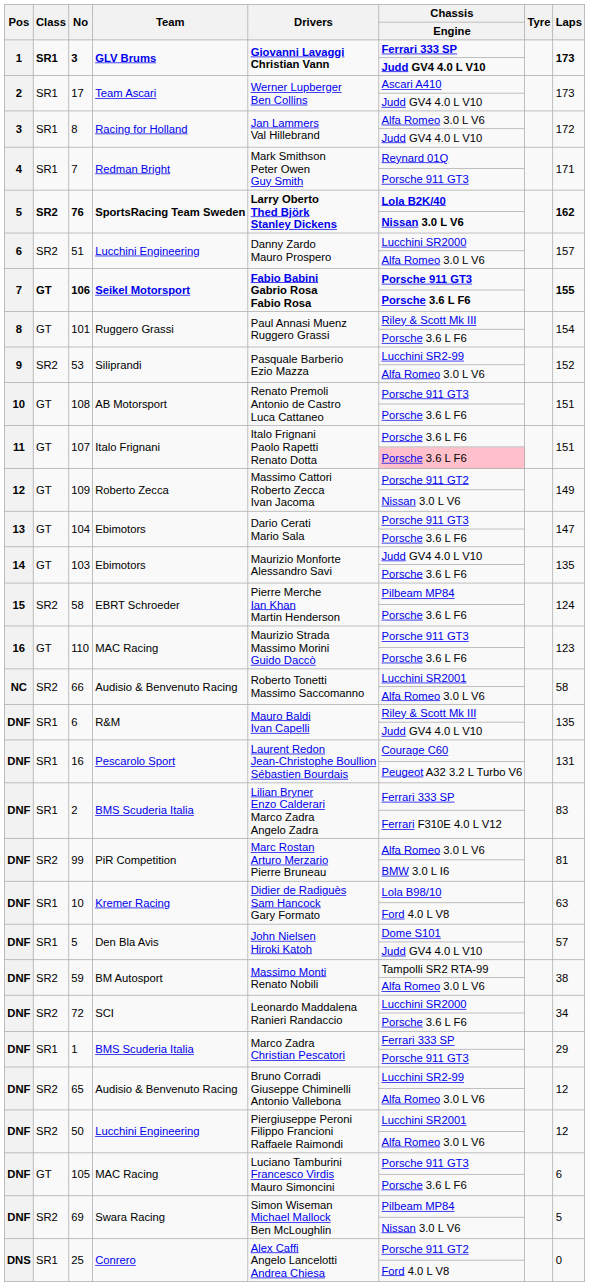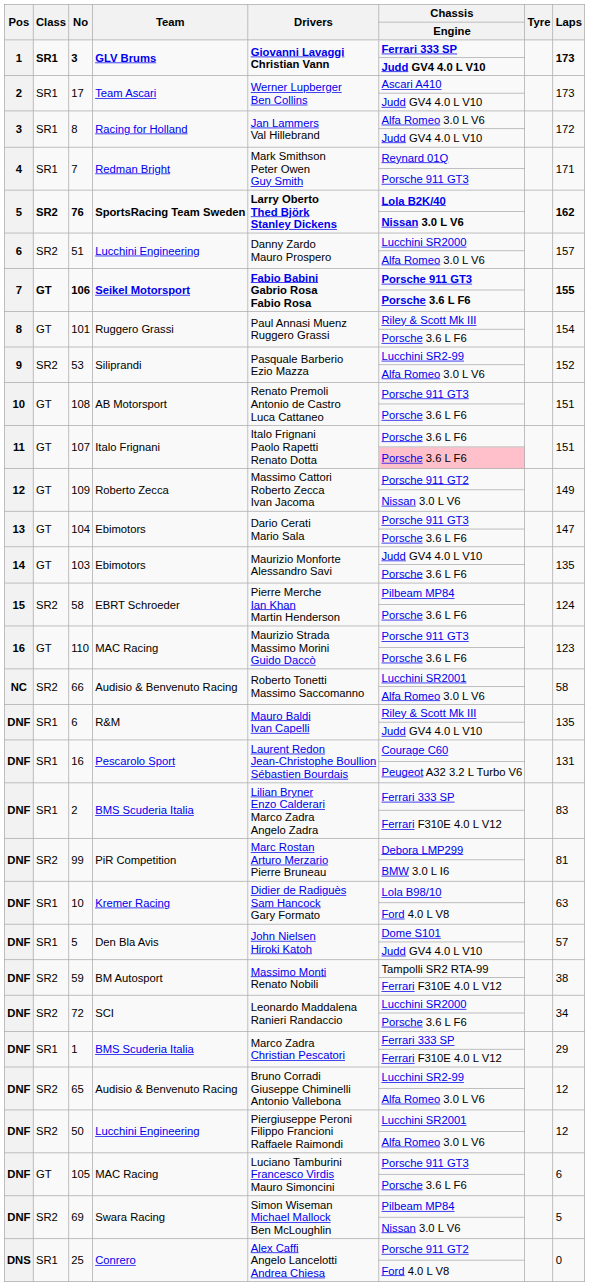 <table class="wikitable" style="font-size: 95%;">
 <tr>
 <th rowspan=2>Pos</th>
 <th rowspan=2>Class</th>
 <th rowspan=2>No</th>
 <th rowspan=2>Team</th>
 <th rowspan=2>Drivers</th>
 <th>Chassis</th>
 <th rowspan=2>Tyre</th>
 <th rowspan=2>Laps</th>
 </tr>
 <tr>
 <th>Engine</th>
 </tr>
 <tr style="font-weight:bold">
 <th rowspan=2>1</th>
 <td rowspan=2>SR1</td>
 <td rowspan=2>3</td>
 <td rowspan=2> <a href='#'>GLV Brums</a></td>
 <td rowspan=2> <a href='#'>Giovanni Lavaggi</a><br> Christian Vann</td>
 <td><a href='#'>Ferrari 333 SP</a></td>
 <td rowspan=2></td>
 <td rowspan=2>173</td>
 </tr>
 <tr style="font-weight:bold">
 <td><a href='#'>Judd</a> GV4 4.0 L V10</td>
 </tr>
 <tr>
 <th rowspan=2>2</th>
 <td rowspan=2>SR1</td>
 <td rowspan=2>17</td>
 <td rowspan=2> <a href='#'>Team Ascari</a></td>
 <td rowspan=2> <a href='#'>Werner Lupberger</a><br> <a href='#'>Ben Collins</a></td>
 <td><a href='#'>Ascari A410</a></td>
 <td rowspan=2></td>
 <td rowspan=2>173</td>
 </tr>
 <tr>
 <td><a href='#'>Judd</a> GV4 4.0 L V10</td>
 </tr>
 <tr>
 <th rowspan=2>3</th>
 <td rowspan=2>SR1</td>
 <td rowspan=2>8</td>
 <td rowspan=2> <a href='#'>Racing for Holland</a></td>
 <td rowspan=2> <a href='#'>Jan Lammers</a><br> Val Hillebrand</td>
 <td><a href='#'>Alfa Romeo</a> 3.0 L V6</td>
 <td rowspan=2></td>
 <td rowspan=2>172</td>
 </tr>
 <tr>
 <td><a href='#'>Judd</a> GV4 4.0 L V10</td>
 </tr>
 <tr>
 <th rowspan=2>4</th>
 <td rowspan=2>SR1</td>
 <td rowspan=2>7</td>
 <td rowspan=2> <a href='#'>Redman Bright</a></td>
 <td rowspan=2> Mark Smithson<br> Peter Owen<br> <a href='#'>Guy Smith</a></td>
 <td><a href='#'>Reynard 01Q</a></td>
 <td rowspan=2></td>
 <td rowspan=2>171</td>
 </tr>
 <tr>
 <td><a href='#'>Porsche 911 GT3</a></td>
 </tr>
 <tr style="font-weight:bold">
 <th rowspan=2>5</th>
 <td rowspan=2>SR2</td>
 <td rowspan=2>76</td>
 <td rowspan=2> SportsRacing Team Sweden</td>
 <td rowspan=2> Larry Oberto<br> <a href='#'>Thed Björk</a><br> <a href='#'>Stanley Dickens</a></td>
 <td><a href='#'>Lola B2K/40</a></td>
 <td rowspan=2></td>
 <td rowspan=2>162</td>
 </tr>
 <tr style="font-weight:bold">
 <td><a href='#'>Nissan</a> 3.0 L V6</td>
 </tr>
 <tr>
 <th rowspan=2>6</th>
 <td rowspan=2>SR2</td>
 <td rowspan=2>51</td>
 <td rowspan=2> <a href='#'>Lucchini Engineering</a></td>
 <td rowspan=2> Danny Zardo<br> Mauro Prospero</td>
 <td><a href='#'>Lucchini SR2000</a></td>
 <td rowspan=2></td>
 <td rowspan=2>157</td>
 </tr>
 <tr>
 <td><a href='#'>Alfa Romeo</a> 3.0 L V6</td>
 </tr>
 <tr style="font-weight:bold">
 <th rowspan=2>7</th>
 <td rowspan=2>GT</td>
 <td rowspan=2>106</td>
 <td rowspan=2> <a href='#'>Seikel Motorsport</a></td>
 <td rowspan=2> <a href='#'>Fabio Babini</a><br> Gabrio Rosa<br> Fabio Rosa</td>
 <td><a href='#'>Porsche 911 GT3</a></td>
 <td rowspan=2></td>
 <td rowspan=2>155</td>
 </tr>
 <tr style="font-weight:bold">
 <td><a href='#'>Porsche</a> 3.6 L F6</td>
 </tr>
 <tr>
 <th rowspan=2>8</th>
 <td rowspan=2>GT</td>
 <td rowspan=2>101</td>
 <td rowspan=2> Ruggero Grassi</td>
 <td rowspan=2> Paul Annasi Muenz<br> Ruggero Grassi</td>
 <td><a href='#'>Riley & Scott Mk III</a></td>
 <td rowspan=2></td>
 <td rowspan=2>154</td>
 </tr>
 <tr>
 <td><a href='#'>Porsche</a> 3.6 L F6</td>
 </tr>
 <tr>
 <th rowspan=2>9</th>
 <td rowspan=2>SR2</td>
 <td rowspan=2>53</td>
 <td rowspan=2> Siliprandi</td>
 <td rowspan=2> Pasquale Barberio<br> Ezio Mazza</td>
 <td><a href='#'>Lucchini SR2-99</a></td>
 <td rowspan=2></td>
 <td rowspan=2>152</td>
 </tr>
 <tr>
 <td><a href='#'>Alfa Romeo</a> 3.0 L V6</td>
 </tr>
 <tr>
 <th rowspan=2>10</th>
 <td rowspan=2>GT</td>
 <td rowspan=2>108</td>
 <td rowspan=2> AB Motorsport</td>
 <td rowspan=2> Renato Premoli<br> Antonio de Castro<br> Luca Cattaneo</td>
 <td><a href='#'>Porsche 911 GT3</a></td>
 <td rowspan=2></td>
 <td rowspan=2>151</td>
 </tr>
 <tr>
 <td><a href='#'>Porsche</a> 3.6 L F6</td>
 </tr>
 <tr>
 <th rowspan=2>11</th>
 <td rowspan=2>GT</td>
 <td rowspan=2>107</td>
 <td rowspan=2> Italo Frignani</td>
 <td rowspan=2> Italo Frignani<br> Paolo Rapetti<br> Renato Dotta</td>
 <td><a href='#'>Porsche</a> 3.6 L F6</td>
 <td rowspan=2></td>
 <td rowspan=2>151</td>
 </tr>
 <tr>
 <td style="background: pink;"><a href='#'>Porsche</a> 3.6 L F6</td>
 </tr>
 <tr>
 <th rowspan=2>12</th>
 <td rowspan=2>GT</td>
 <td rowspan=2>109</td>
 <td rowspan=2> Roberto Zecca</td>
 <td rowspan=2> Massimo Cattori<br> Roberto Zecca<br> Ivan Jacoma</td>
 <td><a href='#'>Porsche 911 GT2</a></td>
 <td rowspan=2></td>
 <td rowspan=2>149</td>
 </tr>
 <tr>
 <td><a href='#'>Nissan</a> 3.0 L V6</td>
 </tr>
 <tr>
 <th rowspan=2>13</th>
 <td rowspan=2>GT</td>
 <td rowspan=2>104</td>
 <td rowspan=2> Ebimotors</td>
 <td rowspan=2> Dario Cerati<br> Mario Sala</td>
 <td><a href='#'>Porsche 911 GT3</a></td>
 <td rowspan=2></td>
 <td rowspan=2>147</td>
 </tr>
 <tr>
 <td><a href='#'>Porsche</a> 3.6 L F6</td>
 </tr>
 <tr>
 <th rowspan=2>14</th>
 <td rowspan=2>GT</td>
 <td rowspan=2>103</td>
 <td rowspan=2> Ebimotors</td>
 <td rowspan=2> Maurizio Monforte<br> Alessandro Savi</td>
 <td><a href='#'>Judd</a> GV4 4.0 L V10</td>
 <td rowspan=2></td>
 <td rowspan=2>135</td>
 </tr>
 <tr>
 <td><a href='#'>Porsche</a> 3.6 L F6</td>
 </tr>
 <tr>
 <th rowspan=2>15</th>
 <td rowspan=2>SR2</td>
 <td rowspan=2>58</td>
 <td rowspan=2> EBRT Schroeder</td>
 <td rowspan=2> Pierre Merche<br> <a href='#'>Ian Khan</a><br> Martin Henderson</td>
 <td><a href='#'>Pilbeam MP84</a></td>
 <td rowspan=2></td>
 <td rowspan=2>124</td>
 </tr>
 <tr>
 <td><a href='#'>Porsche</a> 3.6 L F6</td>
 </tr>
 <tr>
 <th rowspan=2>16</th>
 <td rowspan=2>GT</td>
 <td rowspan=2>110</td>
 <td rowspan=2> MAC Racing</td>
 <td rowspan=2> Maurizio Strada<br> Massimo Morini<br> <a href='#'>Guido Daccò</a></td>
 <td><a href='#'>Porsche 911 GT3</a></td>
 <td rowspan=2></td>
 <td rowspan=2>123</td>
 </tr>
 <tr>
 <td><a href='#'>Porsche</a> 3.6 L F6</td>
 </tr>
 <tr>
 <th rowspan=2>NC</th>
 <td rowspan=2>SR2</td>
 <td rowspan=2>66</td>
 <td rowspan=2> Audisio & Benvenuto Racing</td>
 <td rowspan=2> Roberto Tonetti<br> Massimo Saccomanno</td>
 <td><a href='#'>Lucchini SR2001</a></td>
 <td rowspan=2></td>
 <td rowspan=2>58</td>
 </tr>
 <tr>
 <td><a href='#'>Alfa Romeo</a> 3.0 L V6</td>
 </tr>
 <tr>
 <th rowspan=2>DNF</th>
 <td rowspan=2>SR1</td>
 <td rowspan=2>6</td>
 <td rowspan=2> R&M</td>
 <td rowspan=2> <a href='#'>Mauro Baldi</a><br> <a href='#'>Ivan Capelli</a></td>
 <td><a href='#'>Riley & Scott Mk III</a></td>
 <td rowspan=2></td>
 <td rowspan=2>135</td>
 </tr>
 <tr>
 <td><a href='#'>Judd</a> GV4 4.0 L V10</td>
 </tr>
 <tr>
 <th rowspan=2>DNF</th>
 <td rowspan=2>SR1</td>
 <td rowspan=2>16</td>
 <td rowspan=2> <a href='#'>Pescarolo Sport</a></td>
 <td rowspan=2> <a href='#'>Laurent Redon</a><br> <a href='#'>Jean-Christophe Boullion</a><br> <a href='#'>Sébastien Bourdais</a></td>
 <td><a href='#'>Courage C60</a></td>
 <td rowspan=2></td>
 <td rowspan=2>131</td>
 </tr>
 <tr>
 <td><a href='#'>Peugeot</a>  A32 3.2 L Turbo V6</td>
 </tr>
 <tr>
 <th rowspan=2>DNF</th>
 <td rowspan=2>SR1</td>
 <td rowspan=2>2</td>
 <td rowspan=2> <a href='#'>BMS Scuderia Italia</a></td>
 <td rowspan=2> <a href='#'>Lilian Bryner</a><br> <a href='#'>Enzo Calderari</a><br> Marco Zadra<br> Angelo Zadra</td>
 <td><a href='#'>Ferrari 333 SP</a></td>
 <td rowspan=2></td>
 <td rowspan=2>83</td>
 </tr>
 <tr>
 <td><a href='#'>Ferrari</a> F310E 4.0 L V12</td>
 </tr>
 <tr>
 <th rowspan=2>DNF</th>
 <td rowspan=2>SR2</td>
 <td rowspan=2>99</td>
 <td rowspan=2> PiR Competition</td>
 <td rowspan=2> <a href='#'>Marc Rostan</a><br> <a href='#'>Arturo Merzario</a><br> Pierre Bruneau</td>
-<td><a href='#'>Alfa Romeo</a> 3.0 L V6</td>
+<td><a href='#'>Debora LMP299</a></td>
 <td rowspan=2></td>
 <td rowspan=2>81</td>
 </tr>
 <tr>
 <td><a href='#'>BMW</a> 3.0 L I6</td>
 </tr>
 <tr>
 <th rowspan=2>DNF</th>
 <td rowspan=2>SR1</td>
 <td rowspan=2>10</td>
 <td rowspan=2> <a href='#'>Kremer Racing</a></td>
 <td rowspan=2> <a href='#'>Didier de Radiguès</a><br> <a href='#'>Sam Hancock</a><br> Gary Formato</td>
 <td><a href='#'>Lola B98/10</a></td>
 <td rowspan=2></td>
 <td rowspan=2>63</td>
 </tr>
 <tr>
 <td><a href='#'>Ford</a> 4.0 L V8</td>
 </tr>
 <tr>
 <th rowspan=2>DNF</th>
 <td rowspan=2>SR1</td>
 <td rowspan=2>5</td>
 <td rowspan=2> Den Bla Avis</td>
 <td rowspan=2> <a href='#'>John Nielsen</a><br> <a href='#'>Hiroki Katoh</a></td>
 <td><a href='#'>Dome S101</a></td>
 <td rowspan=2></td>
 <td rowspan=2>57</td>
 </tr>
 <tr>
 <td><a href='#'>Judd</a> GV4 4.0 L V10</td>
 </tr>
 <tr>
 <th rowspan=2>DNF</th>
 <td rowspan=2>SR2</td>
 <td rowspan=2>59</td>
 <td rowspan=2> BM Autosport</td>
 <td rowspan=2> <a href='#'>Massimo Monti</a><br> Renato Nobili</td>
 <td>Tampolli SR2 RTA-99</td>
 <td rowspan=2></td>
 <td rowspan=2>38</td>
 </tr>
 <tr>
-<td><a href='#'>Alfa Romeo</a> 3.0 L V6</td>
+<td><a href='#'>Ferrari</a> F310E 4.0 L V12</td>
 </tr>
 <tr>
 <th rowspan=2>DNF</th>
 <td rowspan=2>SR2</td>
 <td rowspan=2>72</td>
 <td rowspan=2> SCI</td>
 <td rowspan=2> Leonardo Maddalena<br> Ranieri Randaccio</td>
 <td><a href='#'>Lucchini SR2000</a></td>
 <td rowspan=2></td>
 <td rowspan=2>34</td>
 </tr>
 <tr>
 <td><a href='#'>Porsche</a> 3.6 L F6</td>
 </tr>
 <tr>
 <th rowspan=2>DNF</th>
 <td rowspan=2>SR1</td>
 <td rowspan=2>1</td>
 <td rowspan=2> <a href='#'>BMS Scuderia Italia</a></td>
 <td rowspan=2> Marco Zadra<br> <a href='#'>Christian Pescatori</a></td>
 <td><a href='#'>Ferrari 333 SP</a></td>
 <td rowspan=2></td>
 <td rowspan=2>29</td>
 </tr>
 <tr>
-<td><a href='#'>Porsche 911 GT3</a></td>
+<td><a href='#'>Ferrari</a> F310E 4.0 L V12</td>
 </tr>
 <tr>
 <th rowspan=2>DNF</th>
 <td rowspan=2>SR2</td>
 <td rowspan=2>65</td>
 <td rowspan=2> Audisio & Benvenuto Racing</td>
 <td rowspan=2> Bruno Corradi<br> Giuseppe Chiminelli<br> Antonio Vallebona</td>
 <td><a href='#'>Lucchini SR2-99</a></td>
 <td rowspan=2></td>
 <td rowspan=2>12</td>
 </tr>
 <tr>
 <td><a href='#'>Alfa Romeo</a> 3.0 L V6</td>
 </tr>
 <tr>
 <th rowspan=2>DNF</th>
 <td rowspan=2>SR2</td>
 <td rowspan=2>50</td>
 <td rowspan=2> <a href='#'>Lucchini Engineering</a></td>
 <td rowspan=2> Piergiuseppe Peroni<br> Filippo Francioni<br> Raffaele Raimondi</td>
 <td><a href='#'>Lucchini SR2001</a></td>
 <td rowspan=2></td>
 <td rowspan=2>12</td>
 </tr>
 <tr>
 <td><a href='#'>Alfa Romeo</a> 3.0 L V6</td>
 </tr>
 <tr>
 <th rowspan=2>DNF</th>
 <td rowspan=2>GT</td>
 <td rowspan=2>105</td>
 <td rowspan=2> MAC Racing</td>
 <td rowspan=2> Luciano Tamburini<br> <a href='#'>Francesco Virdis</a><br> Mauro Simoncini</td>
 <td><a href='#'>Porsche 911 GT3</a></td>
 <td rowspan=2></td>
 <td rowspan=2>6</td>
 </tr>
 <tr>
 <td><a href='#'>Porsche</a> 3.6 L F6</td>
 </tr>
 <tr>
 <th rowspan=2>DNF</th>
 <td rowspan=2>SR2</td>
 <td rowspan=2>69</td>
 <td rowspan=2> Swara Racing</td>
 <td rowspan=2> Simon Wiseman<br> <a href='#'>Michael Mallock</a><br> Ben McLoughlin</td>
 <td><a href='#'>Pilbeam MP84</a></td>
 <td rowspan=2></td>
 <td rowspan=2>5</td>
 </tr>
 <tr>
 <td><a href='#'>Nissan</a> 3.0 L V6</td>
 </tr>
 <tr>
 <th rowspan=2>DNS</th>
 <td rowspan=2>SR1</td>
 <td rowspan=2>25</td>
 <td rowspan=2> <a href='#'>Conrero</a></td>
 <td rowspan=2> <a href='#'>Alex Caffi</a><br> Angelo Lancelotti<br> <a href='#'>Andrea Chiesa</a></td>
 <td><a href='#'>Porsche 911 GT2</a></td>
 <td rowspan=2></td>
 <td rowspan=2>0</td>
 </tr>
 <tr>
 <td><a href='#'>Ford</a> 4.0 L V8</td>
 </tr>
 </table>
